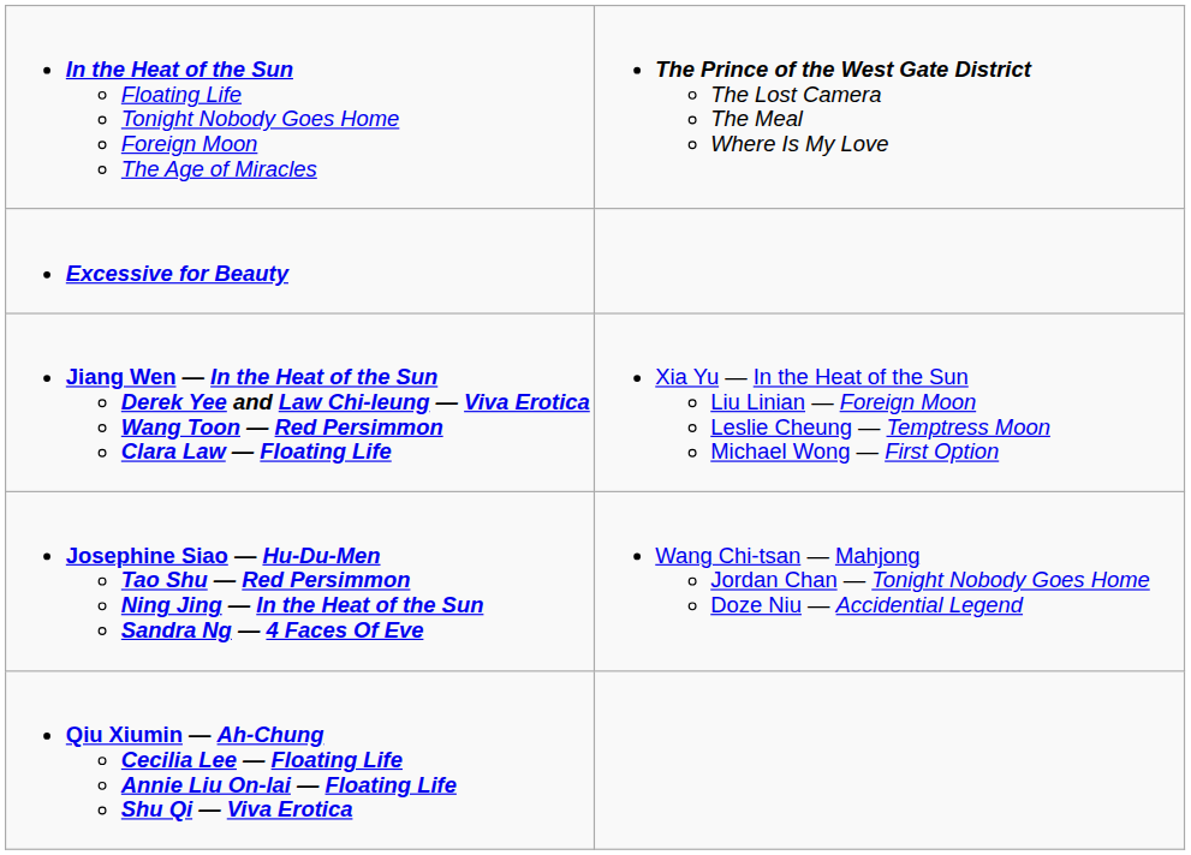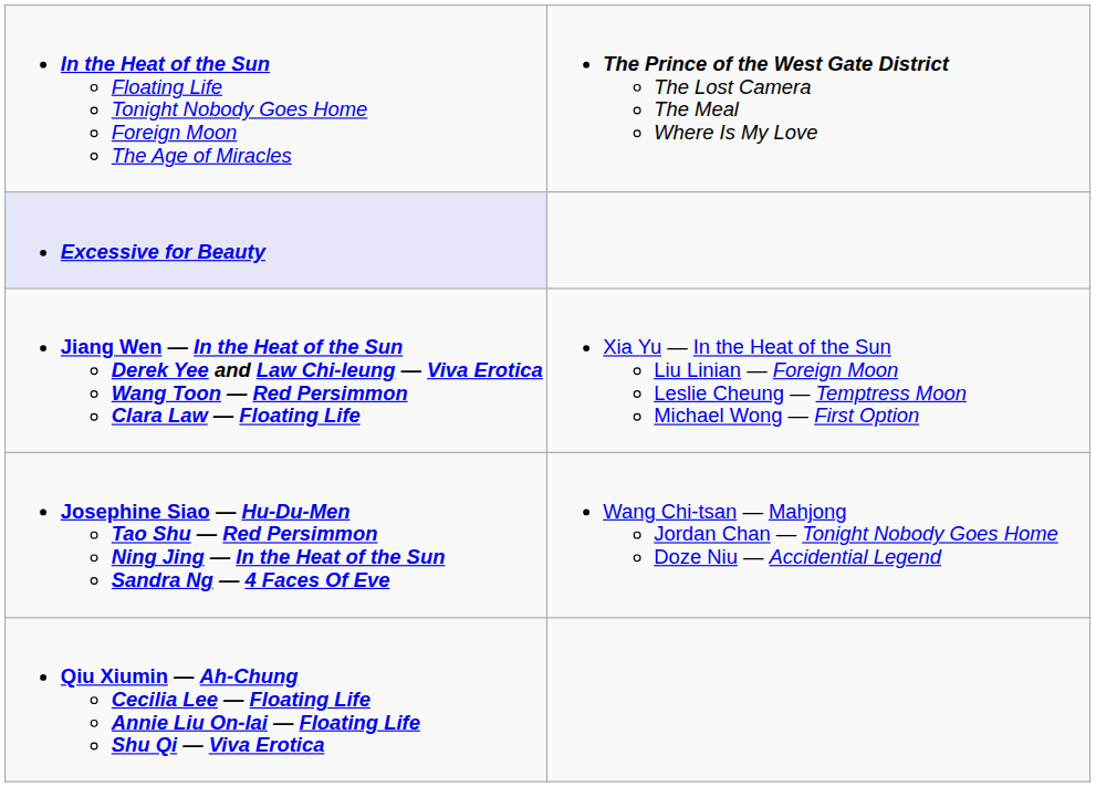 <table class=wikitable>
 <tr>
 <td valign="top" width="50%"><br><ul><li><strong><em><a href='#'>In the Heat of the Sun</a></em></strong><ul><li><em><a href='#'>Floating Life</a></em></li><li><em><a href='#'>Tonight Nobody Goes Home</a></em></li><li><em><a href='#'>Foreign Moon</a></em></li><li><em><a href='#'>The Age of Miracles</a></em></li></ul></li></ul></td>
 <td valign="top" width="50%"><br><ul><li><strong><em>The Prince of the West Gate District</em></strong><ul><li><em>The Lost Camera</em></li><li><em>The Meal</em></li><li><em>Where Is My Love</em></li></ul></li></ul></td>
 </tr>
 <tr>
-<td valign="top" width="50%"><br><ul><li><strong><em><a href='#'>Excessive for Beauty</a></em></strong></li></ul></td>
+<td valign="top" width="50%" style="background: lavender;"><br><ul><li><strong><em><a href='#'>Excessive for Beauty</a></em></strong></li></ul></td>
 </tr>
 <tr>
 <td valign="top" width="50%"><br><ul><li><strong><a href='#'>Jiang Wen</a> — <em><a href='#'>In the Heat of the Sun</a><strong><em><ul><li><a href='#'>Derek Yee</a> and <a href='#'>Law Chi-leung</a> — </em><a href='#'>Viva Erotica</a><em></li><li><a href='#'>Wang Toon</a> — </em><a href='#'>Red Persimmon</a><em></li><li><a href='#'>Clara Law</a> — </em><a href='#'>Floating Life</a><em></li></ul></li></ul></td>
 <td valign="top" width="50%"><br><ul><li></strong><a href='#'>Xia Yu</a> — </em><a href='#'>In the Heat of the Sun</a></em></strong><ul><li><a href='#'>Liu Linian</a> — <em><a href='#'>Foreign Moon</a></em></li><li><a href='#'>Leslie Cheung</a> — <em><a href='#'>Temptress Moon</a></em></li><li><a href='#'>Michael Wong</a> — <em><a href='#'>First Option</a></em></li></ul></li></ul></td>
 </tr>
 <tr>
 <td valign="top" width="50%"><br><ul><li><strong><a href='#'>Josephine Siao</a> — <em><a href='#'>Hu-Du-Men</a><strong><em><ul><li><a href='#'>Tao Shu</a> — </em><a href='#'>Red Persimmon</a><em></li><li><a href='#'>Ning Jing</a> — </em><a href='#'>In the Heat of the Sun</a><em></li><li><a href='#'>Sandra Ng</a> — </em><a href='#'>4 Faces Of Eve</a><em></li></ul></li></ul></td>
 <td valign="top" width="50%"><br><ul><li></strong><a href='#'>Wang Chi-tsan</a> — </em><a href='#'>Mahjong</a></em></strong><ul><li><a href='#'>Jordan Chan</a> — <em><a href='#'>Tonight Nobody Goes Home</a></em></li><li><a href='#'>Doze Niu</a> — <em><a href='#'>Accidential Legend</a></em></li></ul></li></ul></td>
 </tr>
 <tr>
 <td valign="top" width="50%"><br><ul><li><strong><a href='#'>Qiu Xiumin</a> — <em><a href='#'>Ah-Chung</a><strong><em><ul><li><a href='#'>Cecilia Lee</a> — </em><a href='#'>Floating Life</a><em></li><li><a href='#'>Annie Liu On-lai</a> — </em><a href='#'>Floating Life</a><em></li><li><a href='#'>Shu Qi</a> — </em><a href='#'>Viva Erotica</a><em></li></ul></li></ul></td>
 </tr>
 </table>
